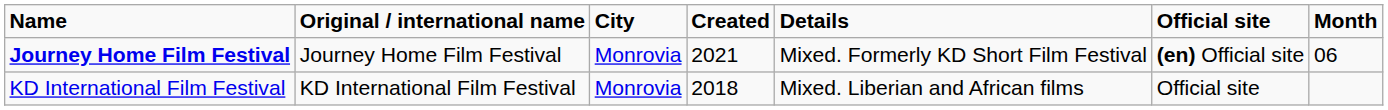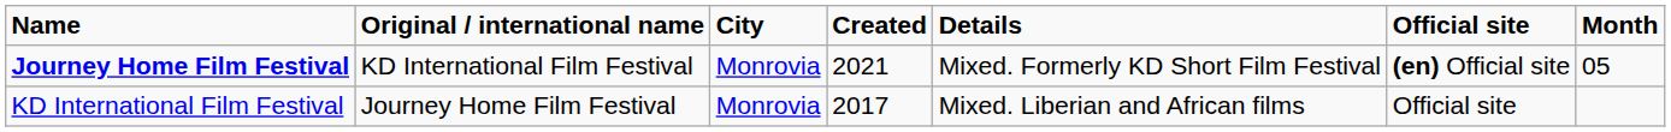 <table class="wikitable">
 <tr>
 <td><strong>Name</strong></td>
 <td><strong>Original / international name</strong></td>
 <td><strong>City</strong></td>
 <td><strong>Created</strong></td>
 <td><strong>Details</strong></td>
 <td><strong>Official site</strong></td>
 <td><strong>Month</strong></td>
 </tr>
 <tr>
 <td><strong><a href='#'>Journey Home Film Festival</a></strong></td>
-<td>Journey Home Film Festival</td>
+<td>KD International Film Festival</td>
 <td><a href='#'>Monrovia</a></td>
 <td>2021</td>
 <td>Mixed. Formerly KD Short Film Festival</td>
 <td><strong>(en)</strong> Official site</td>
-<td>06</td>
+<td>05</td>
 </tr>
 <tr>
 <td><a href='#'>KD International Film Festival</a></td>
-<td>KD International Film Festival</td>
+<td>Journey Home Film Festival</td>
 <td><a href='#'>Monrovia</a></td>
-<td>2018</td>
+<td>2017</td>
 <td>Mixed. Liberian and African films</td>
 <td>Official site</td>
 <td></td>
 </tr>
 </table>
